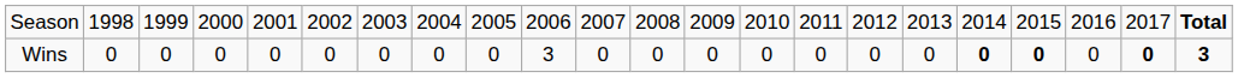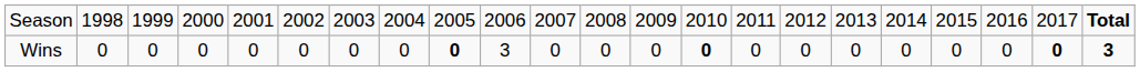 <table class="wikitable" style=font-size:96%>
 <tr>
 <td>Season</td>
 <td>1998</td>
 <td>1999</td>
 <td>2000</td>
 <td>2001</td>
 <td>2002</td>
 <td>2003</td>
 <td>2004</td>
 <td>2005</td>
 <td>2006</td>
 <td>2007</td>
 <td>2008</td>
 <td>2009</td>
 <td>2010</td>
 <td>2011</td>
 <td>2012</td>
 <td>2013</td>
 <td>2014</td>
 <td>2015</td>
 <td>2016</td>
 <td>2017</td>
 <td><strong>Total</strong></td>
 </tr>
 <tr align=center>
 <td>Wins</td>
 <td>0</td>
 <td>0</td>
 <td>0</td>
 <td>0</td>
 <td>0</td>
 <td>0</td>
 <td>0</td>
-<td>0</td>
+<td><strong>0</strong></td>
 <td>3</td>
 <td>0</td>
+<td>0</td>
+<td>0</td>
+<td><strong>0</strong></td>
 <td>0</td>
 <td>0</td>
 <td>0</td>
 <td>0</td>
 <td>0</td>
 <td>0</td>
 <td><strong>0</strong></td>
-<td><strong>0</strong></td>
-<td>0</td>
-<td><strong>0</strong></td>
 <td><strong>3</strong></td>
 </tr>
 </table>
